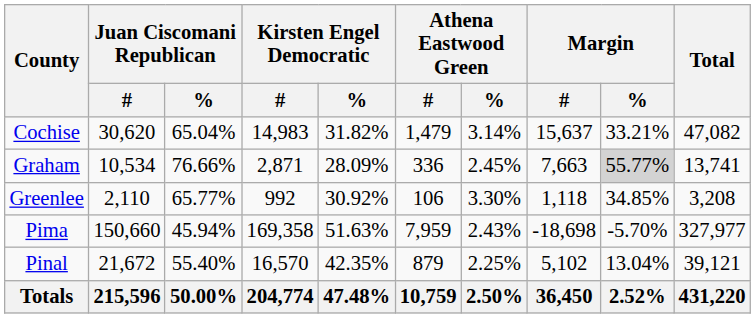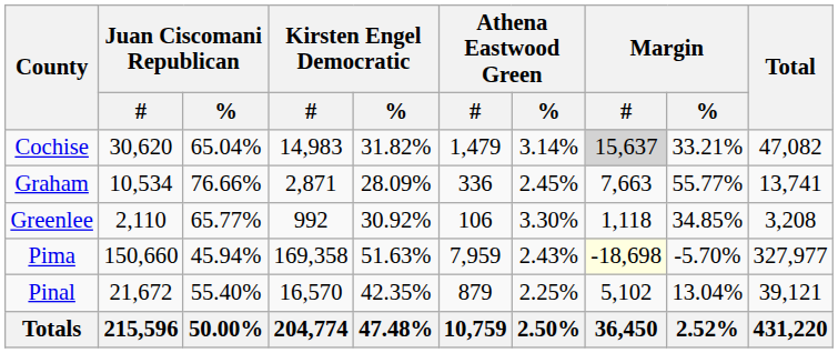 <table class="wikitable sortable" width="60%">
 <tr>
 <th rowspan="2">County</th>
 <th colspan="2">Juan Ciscomani<br>Republican</th>
 <th colspan="2">Kirsten Engel<br>Democratic</th>
 <th colspan="2">Athena Eastwood<br>Green</th>
 <th colspan="2">Margin</th>
 <th rowspan="2">Total</th>
 </tr>
 <tr>
 <th data-sort-type="number" style="text-align:center;">#</th>
 <th data-sort-type="number" style="text-align:center;">%</th>
 <th data-sort-type="number" style="text-align:center;">#</th>
 <th data-sort-type="number" style="text-align:center;">%</th>
 <th data-sort-type="number" style="text-align:center;">#</th>
 <th data-sort-type="number" style="text-align:center;">%</th>
 <th data-sort-type="number" style="text-align:center;">#</th>
 <th data-sort-type="number" style="text-align:center;">%</th>
 </tr>
 <tr style="text-align:center;">
 <td><a href='#'>Cochise</a></td>
 <td>30,620</td>
 <td>65.04%</td>
 <td>14,983</td>
 <td>31.82%</td>
 <td>1,479</td>
 <td>3.14%</td>
-<td>15,637</td>
+<td style="background: lightgrey;">15,637</td>
 <td>33.21%</td>
 <td>47,082</td>
 </tr>
 <tr style="text-align:center;">
 <td><a href='#'>Graham</a></td>
 <td>10,534</td>
 <td>76.66%</td>
 <td>2,871</td>
 <td>28.09%</td>
 <td>336</td>
 <td>2.45%</td>
 <td>7,663</td>
-<td style="background: lightgrey;">55.77%</td>
+<td>55.77%</td>
 <td>13,741</td>
 </tr>
 <tr style="text-align:center;">
 <td><a href='#'>Greenlee</a></td>
 <td>2,110</td>
 <td>65.77%</td>
 <td>992</td>
 <td>30.92%</td>
 <td>106</td>
 <td>3.30%</td>
 <td>1,118</td>
 <td>34.85%</td>
 <td>3,208</td>
 </tr>
 <tr style="text-align:center;">
 <td><a href='#'>Pima</a></td>
 <td>150,660</td>
 <td>45.94%</td>
 <td>169,358</td>
 <td>51.63%</td>
 <td>7,959</td>
 <td>2.43%</td>
-<td>-18,698</td>
+<td style="background: lightyellow;">-18,698</td>
 <td>-5.70%</td>
 <td>327,977</td>
 </tr>
 <tr style="text-align:center;">
 <td><a href='#'>Pinal</a></td>
 <td>21,672</td>
 <td>55.40%</td>
 <td>16,570</td>
 <td>42.35%</td>
 <td>879</td>
 <td>2.25%</td>
 <td>5,102</td>
 <td>13.04%</td>
 <td>39,121</td>
 </tr>
 <tr>
 <th>Totals</th>
 <th>215,596</th>
 <th>50.00%</th>
 <th>204,774</th>
 <th>47.48%</th>
 <th>10,759</th>
 <th>2.50%</th>
 <th>36,450</th>
 <th>2.52%</th>
 <th>431,220</th>
 </tr>
 </table>
